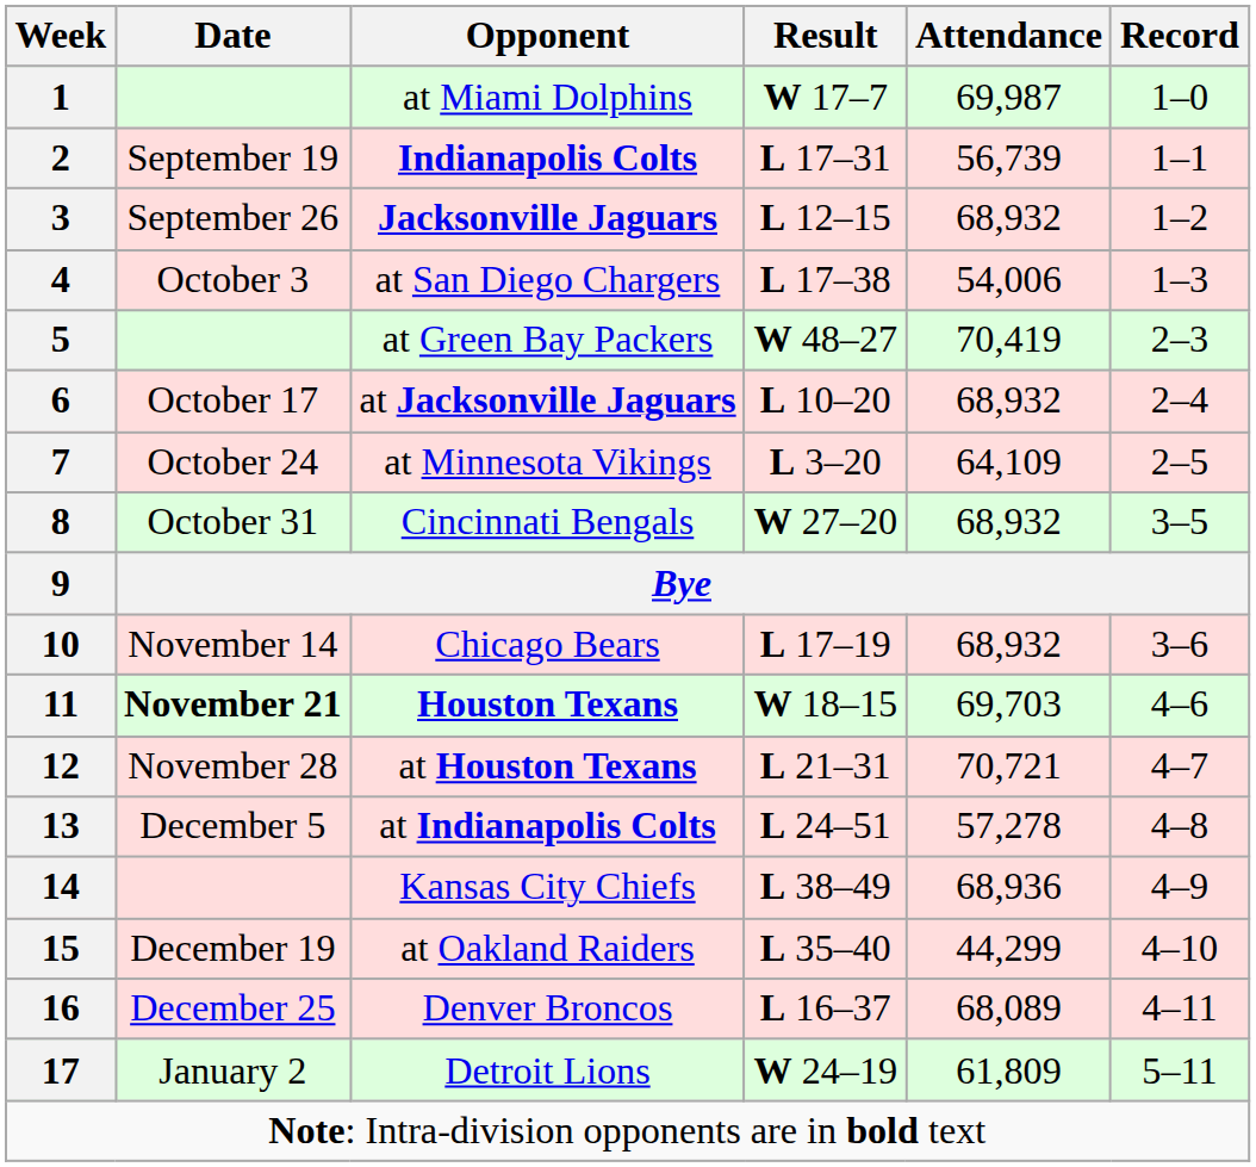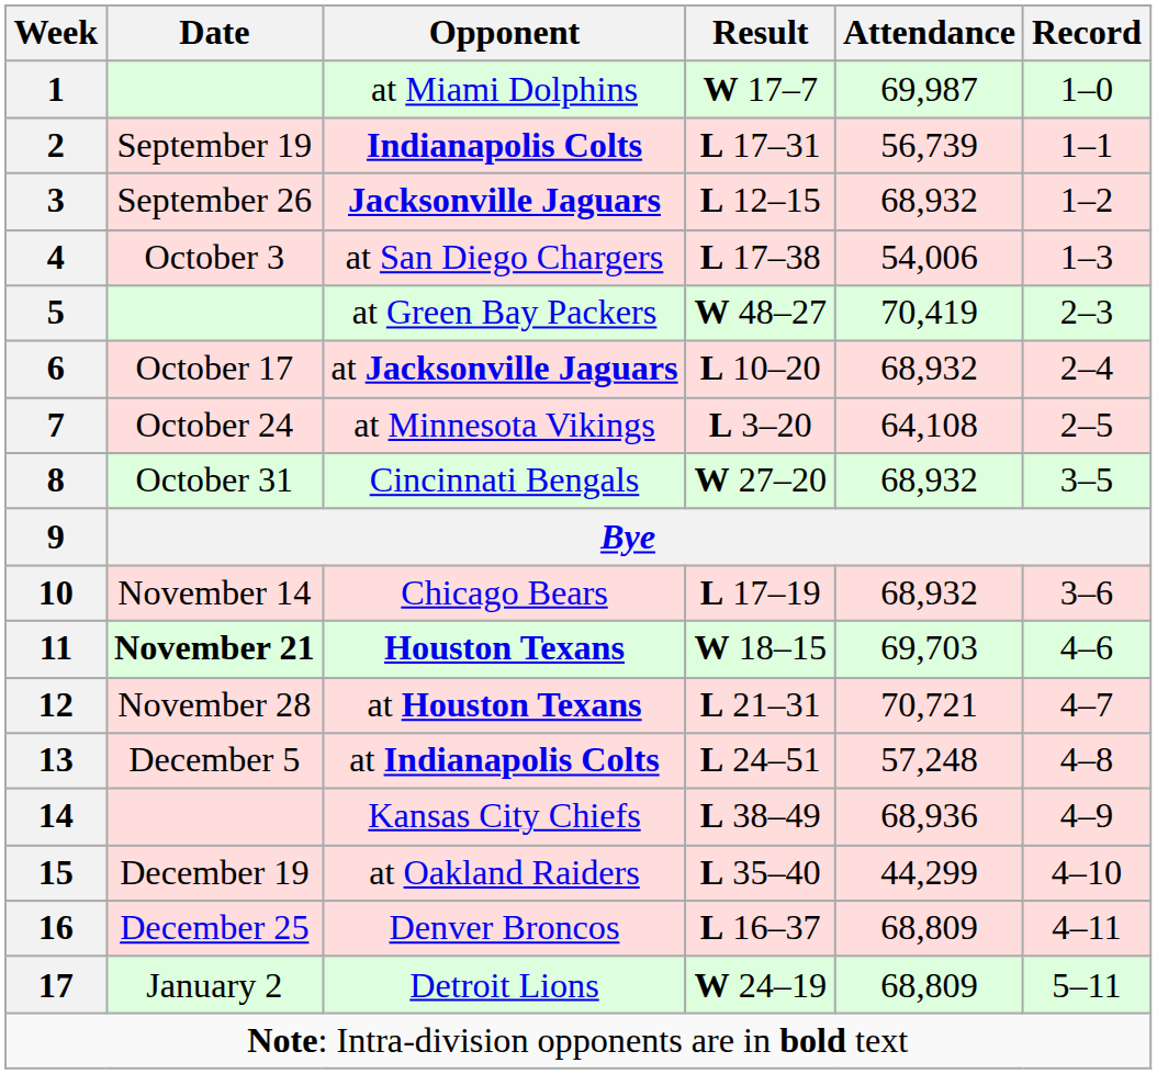 <table class="wikitable" style="text-align:center">
 <tr>
 <th>Week</th>
 <th>Date</th>
 <th>Opponent</th>
 <th>Result</th>
 <th>Attendance</th>
 <th>Record</th>
 </tr>
 <tr style="background: #ddffdd;">
 <th>1</th>
 <td></td>
 <td>at <a href='#'>Miami Dolphins</a></td>
 <td><strong>W</strong> 17–7</td>
 <td>69,987</td>
 <td>1–0</td>
 </tr>
 <tr style="background: #ffdddd;">
 <th>2</th>
 <td>September 19</td>
 <td><strong><a href='#'>Indianapolis Colts</a></strong></td>
 <td><strong>L</strong> 17–31</td>
 <td>56,739</td>
 <td>1–1</td>
 </tr>
 <tr style="background: #ffdddd;">
 <th>3</th>
 <td>September 26</td>
 <td><strong><a href='#'>Jacksonville Jaguars</a></strong></td>
 <td><strong>L</strong> 12–15</td>
 <td>68,932</td>
 <td>1–2</td>
 </tr>
 <tr style="background: #ffdddd;">
 <th>4</th>
 <td>October 3</td>
 <td>at <a href='#'>San Diego Chargers</a></td>
 <td><strong>L</strong> 17–38</td>
 <td>54,006</td>
 <td>1–3</td>
 </tr>
 <tr style="background: #ddffdd;">
 <th>5</th>
 <td></td>
 <td>at <a href='#'>Green Bay Packers</a></td>
 <td><strong>W</strong> 48–27</td>
 <td>70,419</td>
 <td>2–3</td>
 </tr>
 <tr style="background: #ffdddd;">
 <th>6</th>
 <td>October 17</td>
 <td>at <strong><a href='#'>Jacksonville Jaguars</a></strong></td>
 <td><strong>L</strong> 10–20</td>
 <td>68,932</td>
 <td>2–4</td>
 </tr>
 <tr style="background: #ffdddd;">
 <th>7</th>
 <td>October 24</td>
 <td>at <a href='#'>Minnesota Vikings</a></td>
 <td><strong>L</strong> 3–20</td>
-<td>64,109</td>
+<td>64,108</td>
 <td>2–5</td>
 </tr>
 <tr style="background: #ddffdd;">
 <th>8</th>
 <td>October 31</td>
 <td><a href='#'>Cincinnati Bengals</a></td>
 <td><strong>W</strong> 27–20</td>
 <td>68,932</td>
 <td>3–5</td>
 </tr>
 <tr>
 <th>9</th>
 <th colspan=5><em><a href='#'>Bye</a></em></th>
 </tr>
 <tr style="background: #ffdddd;">
 <th>10</th>
 <td>November 14</td>
 <td><a href='#'>Chicago Bears</a></td>
 <td><strong>L</strong> 17–19</td>
 <td>68,932</td>
 <td>3–6</td>
 </tr>
 <tr style="background: #ddffdd;">
 <th>11</th>
 <td><strong>November 21</strong></td>
 <td><strong><a href='#'>Houston Texans</a></strong></td>
 <td><strong>W</strong> 18–15</td>
 <td>69,703</td>
 <td>4–6</td>
 </tr>
 <tr style="background: #ffdddd;">
 <th>12</th>
 <td>November 28</td>
 <td>at <strong><a href='#'>Houston Texans</a></strong></td>
 <td><strong>L</strong> 21–31</td>
 <td>70,721</td>
 <td>4–7</td>
 </tr>
 <tr style="background: #ffdddd;">
 <th>13</th>
 <td>December 5</td>
 <td>at <strong><a href='#'>Indianapolis Colts</a></strong></td>
 <td><strong>L</strong> 24–51</td>
-<td>57,278</td>
+<td>57,248</td>
 <td>4–8</td>
 </tr>
 <tr style="background: #ffdddd;">
 <th>14</th>
 <td></td>
 <td><a href='#'>Kansas City Chiefs</a></td>
 <td><strong>L</strong> 38–49</td>
 <td>68,936</td>
 <td>4–9</td>
 </tr>
 <tr style="background: #ffdddd;">
 <th>15</th>
 <td>December 19</td>
 <td>at <a href='#'>Oakland Raiders</a></td>
 <td><strong>L</strong> 35–40</td>
 <td>44,299</td>
 <td>4–10</td>
 </tr>
 <tr style="background: #ffdddd;">
 <th>16</th>
 <td><a href='#'>December 25</a></td>
 <td><a href='#'>Denver Broncos</a></td>
 <td><strong>L</strong> 16–37</td>
-<td>68,089</td>
+<td>68,809</td>
 <td>4–11</td>
 </tr>
 <tr style="background: #ddffdd;">
 <th>17</th>
 <td>January 2</td>
 <td><a href='#'>Detroit Lions</a></td>
 <td><strong>W</strong> 24–19</td>
-<td>61,809</td>
+<td>68,809</td>
 <td>5–11</td>
 </tr>
 <tr>
 <td colspan="6"><strong>Note</strong>: Intra-division opponents are in <strong>bold</strong> text</td>
 </tr>
 </table>
